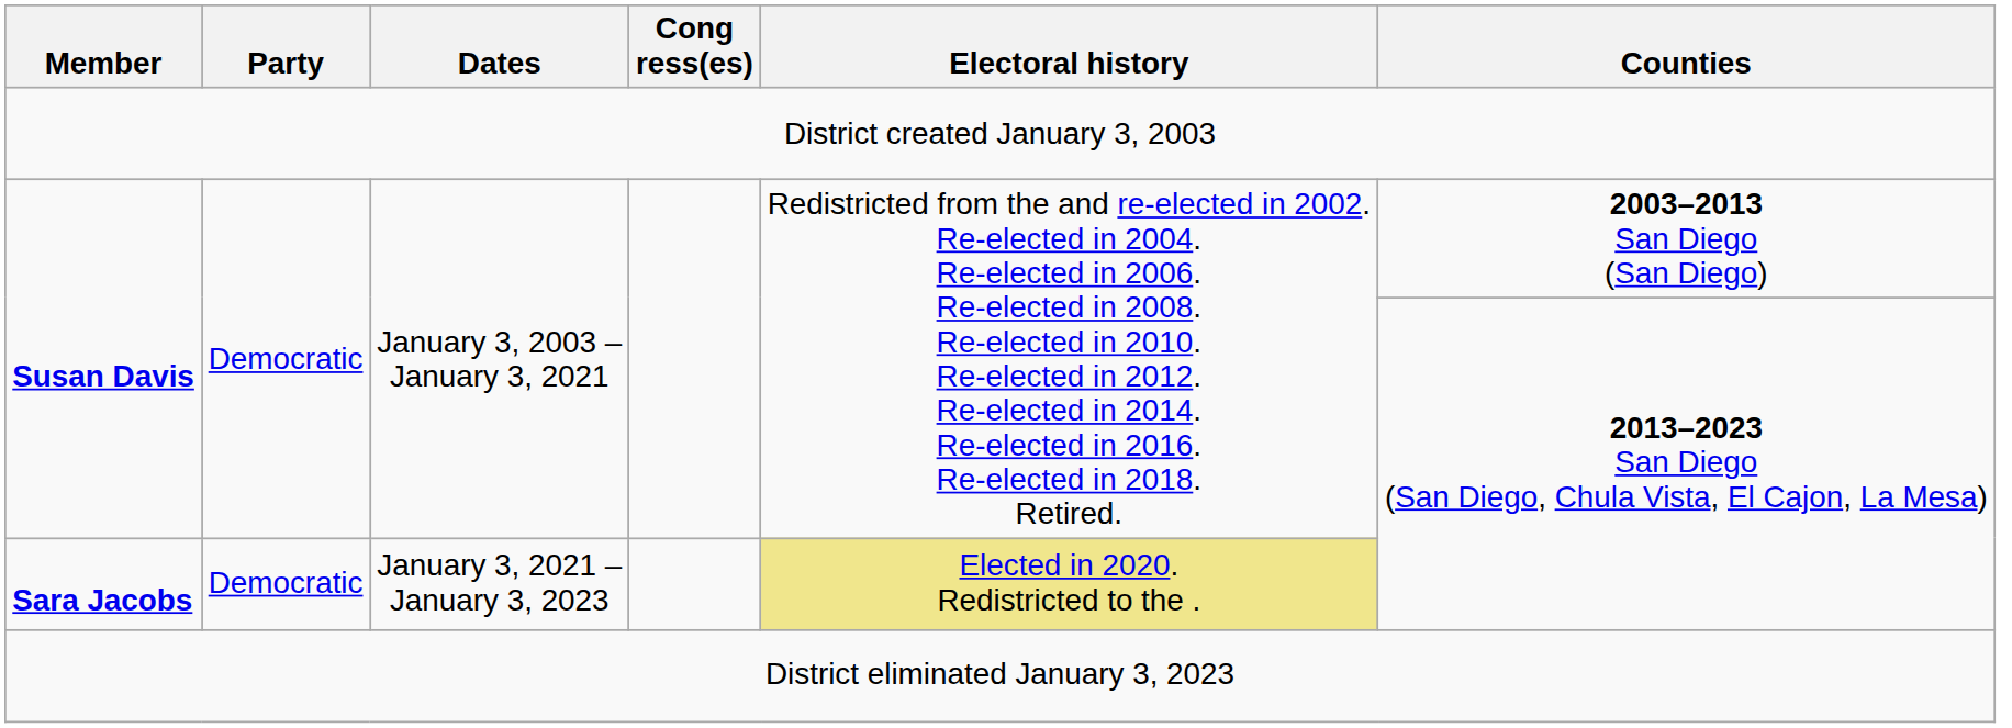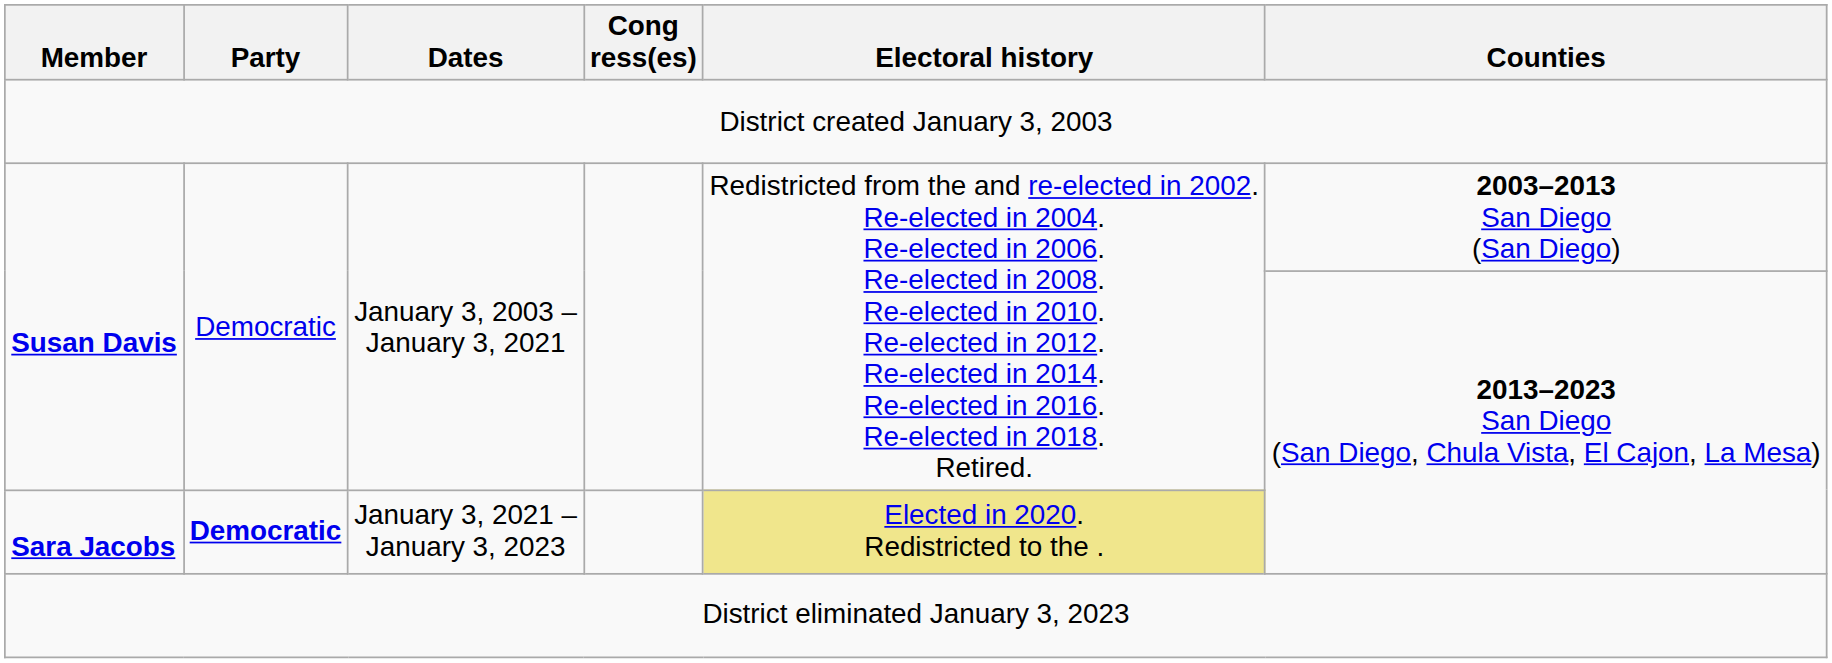 <table class=wikitable style="text-align:center">
 <tr valign=bottom>
 <th>Member</th>
 <th>Party</th>
 <th>Dates</th>
 <th>Cong<br>ress(es)</th>
 <th>Electoral history</th>
 <th>Counties</th>
 </tr>
 <tr style="height:3em">
 <td colspan=6>District created January 3, 2003</td>
 </tr>
 <tr style="height:3em">
 <td rowspan=2 align=left><br><strong><a href='#'>Susan Davis</a></strong><br></td>
 <td rowspan=2 ><a href='#'>Democratic</a></td>
 <td rowspan=2 nowrap>January 3, 2003 –<br>January 3, 2021</td>
 <td rowspan=2></td>
 <td rowspan=2>Redistricted from the  and <a href='#'>re-elected in 2002</a>.<br><a href='#'>Re-elected in 2004</a>.<br><a href='#'>Re-elected in 2006</a>.<br><a href='#'>Re-elected in 2008</a>.<br><a href='#'>Re-elected in 2010</a>.<br><a href='#'>Re-elected in 2012</a>.<br><a href='#'>Re-elected in 2014</a>.<br><a href='#'>Re-elected in 2016</a>.<br><a href='#'>Re-elected in 2018</a>.<br>Retired.</td>
 <td rowspan=1><strong>2003–2013</strong><br><a href='#'>San Diego</a><br>(<a href='#'>San Diego</a>)<br></td>
 </tr>
 <tr style="height:3em">
 <td rowspan=2><strong>2013–2023</strong><br><a href='#'>San Diego</a><br>(<a href='#'>San Diego</a>, <a href='#'>Chula Vista</a>, <a href='#'>El Cajon</a>, <a href='#'>La Mesa</a>)<br></td>
 </tr>
 <tr style="height:3em">
 <td rowspan=1 align=left><br><strong><a href='#'>Sara Jacobs</a></strong><br></td>
-<td rowspan=1 ><a href='#'>Democratic</a></td>
+<td rowspan=1 ><strong><a href='#'>Democratic</a></strong></td>
 <td rowspan=1 nowrap>January 3, 2021 –<br>January 3, 2023</td>
 <td rowspan=1></td>
 <td rowspan=1 style="background: khaki;"><a href='#'>Elected in 2020</a>.<br>Redistricted to the .</td>
 </tr>
 <tr style="height:3em">
 <td colspan=6>District eliminated January 3, 2023</td>
 </tr>
 </table>
